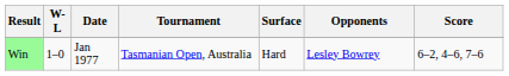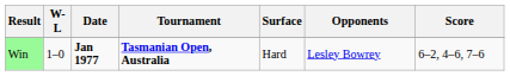 <table class="sortable wikitable">
 <tr>
 <th>Result</th>
 <th style="width:30px" class="unsortable">W-L</th>
 <th style="width:55px">Date</th>
 <th style="width:180px">Tournament</th>
 <th style="width:50px">Surface</th>
 <th style="width:140px">Opponents</th>
 <th style="width:110px" class="unsortable">Score</th>
 </tr>
 <tr>
 </tr>
 <tr>
 <td style="background:#98fb98;">Win</td>
 <td>1–0</td>
-<td>Jan 1977</td>
-<td><a href='#'>Tasmanian Open</a>, Australia</td>
+<td><strong>Jan 1977</strong></td>
+<td><strong><a href='#'>Tasmanian Open</a>, Australia</strong></td>
 <td>Hard</td>
 <td> <a href='#'>Lesley Bowrey</a></td>
 <td>6–2, 4–6, 7–6</td>
 </tr>
 </table>
